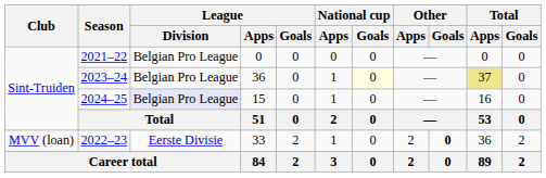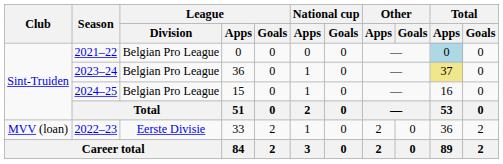 <table class="wikitable" style="text-align:center">
 <tr>
 <th rowspan="2">Club</th>
 <th rowspan="2">Season</th>
 <th colspan="3">League</th>
 <th colspan="2">National cup</th>
 <th colspan="2">Other</th>
 <th colspan="2">Total</th>
 </tr>
 <tr>
 <th>Division</th>
 <th>Apps</th>
 <th>Goals</th>
 <th>Apps</th>
 <th>Goals</th>
 <th>Apps</th>
 <th>Goals</th>
 <th>Apps</th>
 <th>Goals</th>
 </tr>
 <tr>
 <td rowspan="4"><a href='#'>Sint-Truiden</a></td>
 <td><a href='#'>2021–22</a></td>
 <td>Belgian Pro League</td>
 <td>0</td>
 <td>0</td>
 <td>0</td>
 <td>0</td>
 <td colspan="2">—</td>
-<td>0</td>
+<td style="background: lightblue;">0</td>
 <td>0</td>
 </tr>
 <tr>
 <td><a href='#'>2023–24</a></td>
 <td>Belgian Pro League</td>
 <td>36</td>
 <td>0</td>
 <td>1</td>
-<td style="background: lightyellow;">0</td>
+<td>0</td>
 <td colspan="2">—</td>
 <td style="background: khaki;">37</td>
 <td>0</td>
 </tr>
 <tr>
 <td><a href='#'>2024–25</a></td>
-<td style="background: lavender;">Belgian Pro League</td>
+<td>Belgian Pro League</td>
 <td>15</td>
 <td>0</td>
 <td>1</td>
 <td>0</td>
 <td colspan="2">—</td>
 <td>16</td>
 <td>0</td>
 </tr>
 <tr>
 <th colspan="2">Total</th>
 <th>51</th>
 <th>0</th>
 <th>2</th>
 <th>0</th>
 <th colspan="2">—</th>
 <th>53</th>
 <th>0</th>
 </tr>
 <tr>
 <td><a href='#'>MVV</a> (loan)</td>
 <td><a href='#'>2022–23</a></td>
 <td><a href='#'>Eerste Divisie</a></td>
 <td>33</td>
 <td>2</td>
 <td>1</td>
 <td>0</td>
 <td>2</td>
-<td><strong>0</strong></td>
+<td>0</td>
 <td>36</td>
 <td>2</td>
 </tr>
 <tr>
 <th colspan="3">Career total</th>
 <th>84</th>
 <th>2</th>
 <th>3</th>
 <th>0</th>
 <th>2</th>
 <th>0</th>
 <th>89</th>
 <th>2</th>
 </tr>
 </table>
